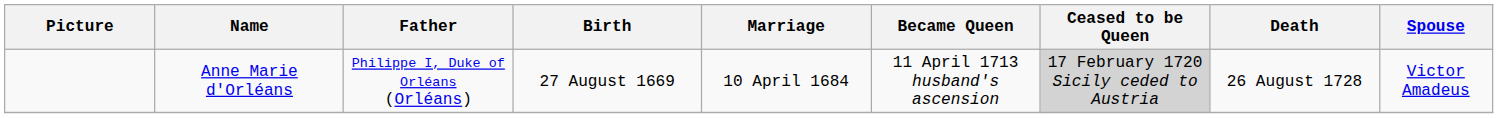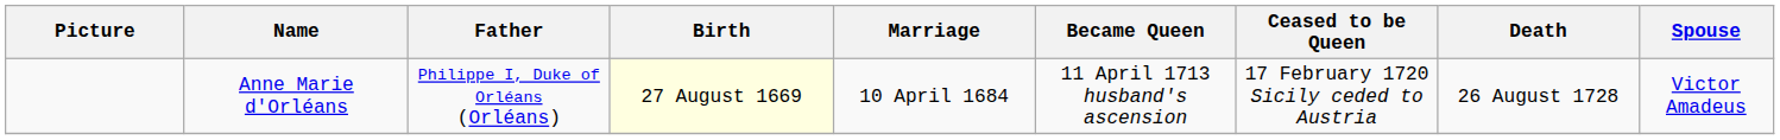 <table width=95% class="wikitable">
 <tr>
 <th width = "8%">Picture</th>
 <th width = "10%">Name</th>
 <th width = "9%">Father</th>
 <th width = "10%">Birth</th>
 <th width = "9%">Marriage</th>
 <th width = "9%">Became Queen</th>
 <th width = "9%">Ceased to be Queen</th>
 <th width = "9%">Death</th>
 <th width = "6%"><a href='#'>Spouse</a></th>
 </tr>
 <tr>
 <td align="center"></td>
 <td align="center"><a href='#'>Anne Marie d'Orléans</a></td>
 <td align="center"><small><a href='#'>Philippe I, Duke of Orléans</a></small><br> (<a href='#'>Orléans</a>)</td>
-<td align="center">27 August 1669</td>
+<td align="center" style="background: lightyellow;">27 August 1669</td>
 <td align="center">10 April 1684</td>
 <td align="center">11 April 1713<br><em>husband's ascension</em></td>
-<td align="center" style="background: lightgrey;">17 February 1720<br><em>Sicily ceded to Austria</em></td>
+<td align="center">17 February 1720<br><em>Sicily ceded to Austria</em></td>
 <td align="center">26 August 1728</td>
 <td align="center"><a href='#'>Victor Amadeus</a></td>
 </tr>
 <tr>
 </tr>
 </table>
